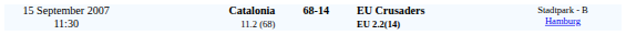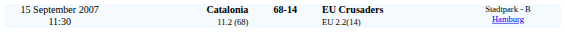 <table style="width: 100%; background:#F5FAFF;" cellspacing="0">
 <tr>
 <td align=center rowspan=3 width=20%>15 September 2007<br>11:30</td>
 </tr>
 <tr>
 <td width=24% align=right><strong>Catalonia</strong></td>
 <td align=center width=13%><strong>68-14</strong></td>
 <td width=24%><strong>EU Crusaders</strong></td>
 <td style=font-size:85% rowspan=3 valign=top align=center>Stadtpark - B <br><a href='#'>Hamburg</a></td>
 </tr>
 <tr style=font-size:85%>
 <td align=right>11.2 (68)</td>
 <td align=center></td>
-<td><strong>EU 2.2(14)</strong></td>
+<td>EU 2.2(14)</td>
 </tr>
 </table>
